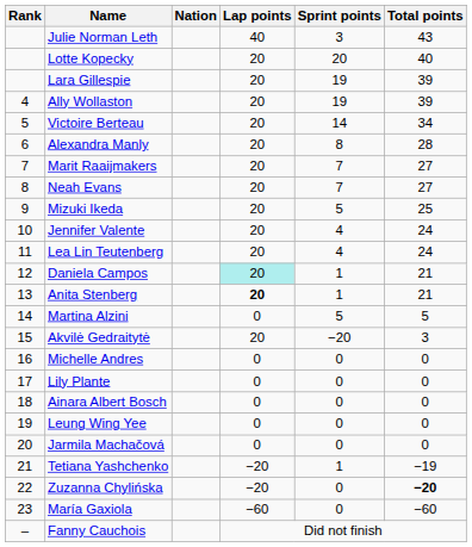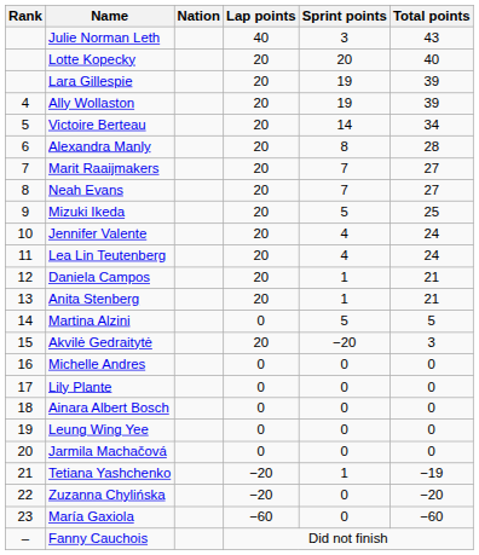 <table class="wikitable sortable" style="text-align:center">
 <tr>
 <th>Rank</th>
 <th>Name</th>
 <th>Nation</th>
 <th>Lap points</th>
 <th>Sprint points</th>
 <th>Total points</th>
 </tr>
 <tr>
 <td></td>
 <td align=left><a href='#'>Julie Norman Leth</a></td>
 <td align=left></td>
 <td>40</td>
 <td>3</td>
 <td>43</td>
 </tr>
 <tr>
 <td></td>
 <td align=left><a href='#'>Lotte Kopecky</a></td>
 <td align=left></td>
 <td>20</td>
 <td>20</td>
 <td>40</td>
 </tr>
 <tr>
 <td></td>
 <td align=left><a href='#'>Lara Gillespie</a></td>
 <td align=left></td>
 <td>20</td>
 <td>19</td>
 <td>39</td>
 </tr>
 <tr>
 <td>4</td>
 <td align=left><a href='#'>Ally Wollaston</a></td>
 <td align=left></td>
 <td>20</td>
 <td>19</td>
 <td>39</td>
 </tr>
 <tr>
 <td>5</td>
 <td align=left><a href='#'>Victoire Berteau</a></td>
 <td align=left></td>
 <td>20</td>
 <td>14</td>
 <td>34</td>
 </tr>
 <tr>
 <td>6</td>
 <td align=left><a href='#'>Alexandra Manly</a></td>
 <td align=left></td>
 <td>20</td>
 <td>8</td>
 <td>28</td>
 </tr>
 <tr>
 <td>7</td>
 <td align=left><a href='#'>Marit Raaijmakers</a></td>
 <td align=left></td>
 <td>20</td>
 <td>7</td>
 <td>27</td>
 </tr>
 <tr>
 <td>8</td>
 <td align=left><a href='#'>Neah Evans</a></td>
 <td align=left></td>
 <td>20</td>
 <td>7</td>
 <td>27</td>
 </tr>
 <tr>
 <td>9</td>
 <td align=left><a href='#'>Mizuki Ikeda</a></td>
 <td align=left></td>
 <td>20</td>
 <td>5</td>
 <td>25</td>
 </tr>
 <tr>
 <td>10</td>
 <td align=left><a href='#'>Jennifer Valente</a></td>
 <td align=left></td>
 <td>20</td>
 <td>4</td>
 <td>24</td>
 </tr>
 <tr>
 <td>11</td>
 <td align=left><a href='#'>Lea Lin Teutenberg</a></td>
 <td align=left></td>
 <td>20</td>
 <td>4</td>
 <td>24</td>
 </tr>
 <tr>
 <td>12</td>
 <td align=left><a href='#'>Daniela Campos</a></td>
 <td align=left></td>
-<td style="background: paleturquoise;">20</td>
+<td>20</td>
 <td>1</td>
 <td>21</td>
 </tr>
 <tr>
 <td>13</td>
 <td align=left><a href='#'>Anita Stenberg</a></td>
 <td align=left></td>
-<td><strong>20</strong></td>
+<td>20</td>
 <td>1</td>
 <td>21</td>
 </tr>
 <tr>
 <td>14</td>
 <td align=left><a href='#'>Martina Alzini</a></td>
 <td align=left></td>
 <td>0</td>
 <td>5</td>
 <td>5</td>
 </tr>
 <tr>
 <td>15</td>
 <td align=left><a href='#'>Akvilė Gedraitytė</a></td>
 <td align=left></td>
 <td>20</td>
 <td>−20</td>
 <td>3</td>
 </tr>
 <tr>
 <td>16</td>
 <td align=left><a href='#'>Michelle Andres</a></td>
 <td align=left></td>
 <td>0</td>
 <td>0</td>
 <td>0</td>
 </tr>
 <tr>
 <td>17</td>
 <td align=left><a href='#'>Lily Plante</a></td>
 <td align=left></td>
 <td>0</td>
 <td>0</td>
 <td>0</td>
 </tr>
 <tr>
 <td>18</td>
 <td align=left><a href='#'>Ainara Albert Bosch</a></td>
 <td align=left></td>
 <td>0</td>
 <td>0</td>
 <td>0</td>
 </tr>
 <tr>
 <td>19</td>
 <td align=left><a href='#'>Leung Wing Yee</a></td>
 <td align=left></td>
 <td>0</td>
 <td>0</td>
 <td>0</td>
 </tr>
 <tr>
 <td>20</td>
 <td align=left><a href='#'>Jarmila Machačová</a></td>
 <td align=left></td>
 <td>0</td>
 <td>0</td>
 <td>0</td>
 </tr>
 <tr>
 <td>21</td>
 <td align=left><a href='#'>Tetiana Yashchenko</a></td>
 <td align=left></td>
 <td>−20</td>
 <td>1</td>
 <td>−19</td>
 </tr>
 <tr>
 <td>22</td>
 <td align=left><a href='#'>Zuzanna Chylińska</a></td>
 <td align=left></td>
 <td>−20</td>
 <td>0</td>
-<td><strong>−20</strong></td>
+<td>−20</td>
 </tr>
 <tr>
 <td>23</td>
 <td align=left><a href='#'>María Gaxiola</a></td>
 <td align=left></td>
 <td>−60</td>
 <td>0</td>
 <td>−60</td>
 </tr>
 <tr>
 <td>–</td>
 <td align=left><a href='#'>Fanny Cauchois</a></td>
 <td align=left></td>
 <td colspan=3>Did not finish</td>
 </tr>
 </table>
